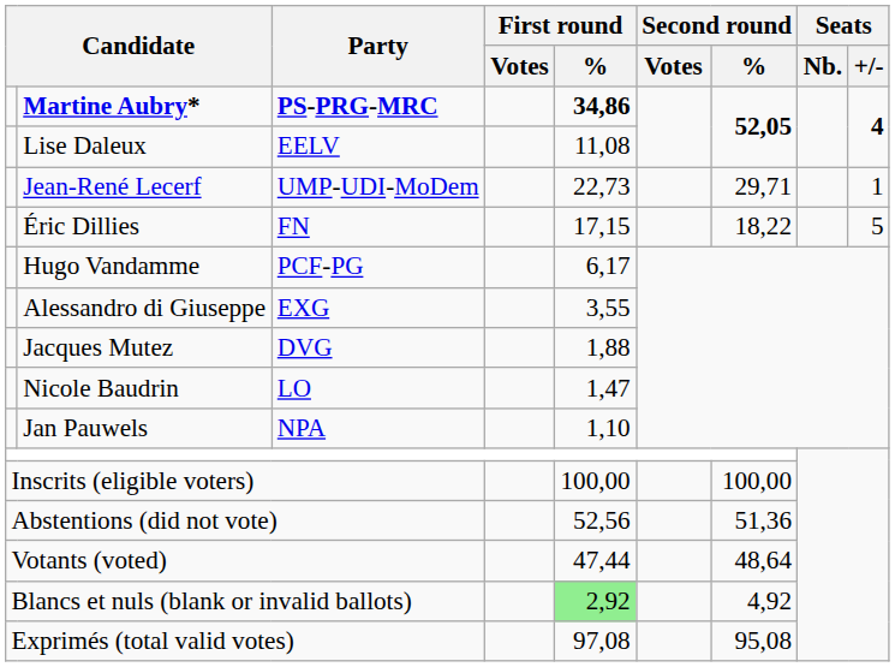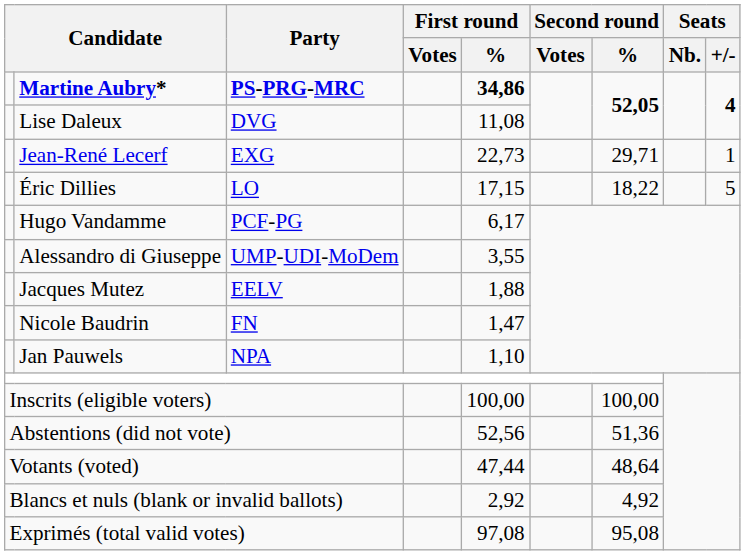 <table class="wikitable centre">
 <tr>
 <th scope="col" rowspan=2 colspan=2>Candidate</th>
 <th scope="col" rowspan=2 colspan=1>Party</th>
 <th scope="col" colspan=2>First round</th>
 <th scope="col" colspan=2>Second round</th>
 <th scope="col" colspan=2>Seats</th>
 </tr>
 <tr>
 <th scope="col">Votes</th>
 <th scope="col">%</th>
 <th scope="col">Votes</th>
 <th scope="col">%</th>
 <th scope="col">Nb.</th>
 <th scope="col">+/-</th>
 </tr>
 <tr>
 <td style="color:inherit;background:"></td>
 <td><strong><a href='#'>Martine Aubry</a>*</strong></td>
 <td><strong><a href='#'>PS</a>-<a href='#'>PRG</a>-<a href='#'>MRC</a></strong></td>
 <td style="text-align: right"><strong></strong></td>
 <td style="text-align: right"><strong>34,86</strong></td>
 <td style="text-align: right" rowspan=2><strong></strong></td>
 <td style="text-align: right" rowspan=2><strong>52,05</strong></td>
 <td style="text-align: right" rowspan=2><strong></strong></td>
 <td style="text-align: right" rowspan=2><strong> 4</strong></td>
 </tr>
 <tr>
 <td style="color:inherit;background:"></td>
 <td>Lise Daleux</td>
-<td><a href='#'>EELV</a></td>
+<td><a href='#'>DVG</a></td>
 <td style="text-align: right"></td>
 <td style="text-align: right">11,08</td>
 </tr>
 <tr>
 <td style="color:inherit;background:"></td>
 <td><a href='#'>Jean-René Lecerf</a></td>
-<td><a href='#'>UMP</a>-<a href='#'>UDI</a>-<a href='#'>MoDem</a></td>
+<td><a href='#'>EXG</a></td>
 <td style="text-align: right"></td>
 <td style="text-align: right">22,73</td>
 <td style="text-align: right"></td>
 <td style="text-align: right">29,71</td>
 <td style="text-align: right"></td>
 <td style="text-align: right"> 1</td>
 </tr>
 <tr>
 <td style="color:inherit;background:"></td>
 <td>Éric Dillies</td>
-<td><a href='#'>FN</a></td>
+<td><a href='#'>LO</a></td>
 <td style="text-align: right"></td>
 <td style="text-align: right">17,15</td>
 <td style="text-align: right"></td>
 <td style="text-align: right">18,22</td>
 <td style="text-align: right"></td>
 <td style="text-align: right"> 5</td>
 </tr>
 <tr>
 <td style="color:inherit;background:"></td>
 <td>Hugo Vandamme</td>
 <td><a href='#'>PCF</a>-<a href='#'>PG</a></td>
 <td style="text-align: right"></td>
 <td style="text-align: right">6,17</td>
 <td colspan=9 rowspan=5></td>
 </tr>
 <tr>
 <td style="color:inherit;background:"></td>
 <td>Alessandro di Giuseppe</td>
-<td><a href='#'>EXG</a></td>
+<td><a href='#'>UMP</a>-<a href='#'>UDI</a>-<a href='#'>MoDem</a></td>
 <td style="text-align: right"></td>
 <td style="text-align: right">3,55</td>
 </tr>
 <tr>
 <td style="color:inherit;background:"></td>
 <td>Jacques Mutez</td>
-<td><a href='#'>DVG</a></td>
+<td><a href='#'>EELV</a></td>
 <td style="text-align: right"></td>
 <td style="text-align: right">1,88</td>
 </tr>
 <tr>
 <td style="color:inherit;background:"></td>
 <td>Nicole Baudrin</td>
-<td><a href='#'>LO</a></td>
+<td><a href='#'>FN</a></td>
 <td style="text-align: right"></td>
 <td style="text-align: right">1,47</td>
 </tr>
 <tr>
 <td style="color:inherit;background:"></td>
 <td>Jan Pauwels</td>
 <td><a href='#'>NPA</a></td>
 <td style="text-align: right"></td>
 <td style="text-align: right">1,10</td>
 </tr>
 <tr bgcolor=white>
 <td colspan=7></td>
 </tr>
 <tr>
 <td colspan=3>Inscrits (eligible voters)</td>
 <td style="text-align: right"></td>
 <td style="text-align: right">100,00</td>
 <td style="text-align: right"></td>
 <td style="text-align: right">100,00</td>
 </tr>
 <tr>
 <td colspan=3>Abstentions (did not vote)</td>
 <td style="text-align: right"></td>
 <td style="text-align: right">52,56</td>
 <td style="text-align: right"></td>
 <td style="text-align: right">51,36</td>
 </tr>
 <tr>
 <td colspan=3>Votants (voted)</td>
 <td style="text-align: right"></td>
 <td style="text-align: right">47,44</td>
 <td style="text-align: right"></td>
 <td style="text-align: right">48,64</td>
 </tr>
 <tr>
 <td colspan=3>Blancs et nuls (blank or invalid ballots)</td>
 <td style="text-align: right"></td>
-<td style="background: lightgreen; text-align: right">2,92</td>
+<td style="text-align: right">2,92</td>
 <td style="text-align: right"></td>
 <td style="text-align: right">4,92</td>
 </tr>
 <tr>
 <td colspan=3>Exprimés (total valid votes)</td>
 <td style="text-align: right"></td>
 <td style="text-align: right">97,08</td>
 <td style="text-align: right"></td>
 <td style="text-align: right">95,08</td>
 </tr>
 </table>
